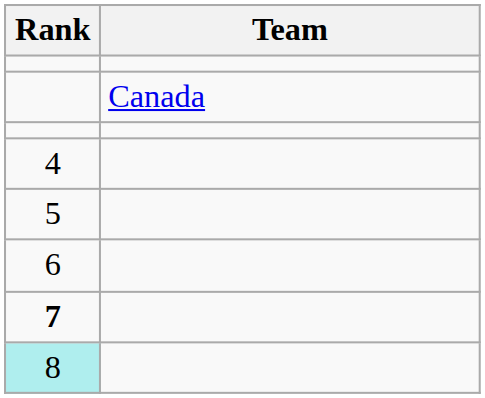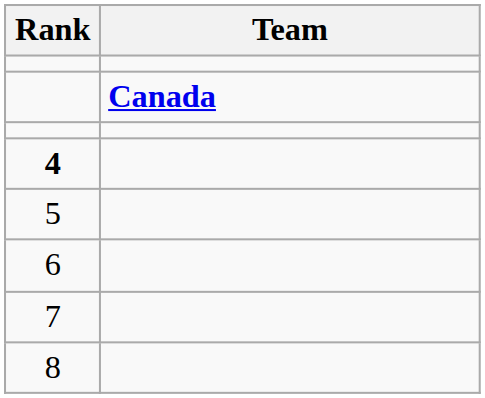 <table class="wikitable" style="text-align: center;">
 <tr>
 <th width=40>Rank</th>
 <th width=180>Team</th>
 </tr>
 <tr align=center>
 <td></td>
 <td style="text-align:left;"></td>
 </tr>
 <tr align=center>
 <td></td>
-<td style="text-align:left;"> <a href='#'>Canada</a></td>
+<td style="text-align:left;"><strong> <a href='#'>Canada</a></strong></td>
 </tr>
 <tr align=center>
 <td></td>
 <td style="text-align:left;"></td>
 </tr>
 <tr align=center>
-<td>4</td>
+<td><strong>4</strong></td>
 <td style="text-align:left;"></td>
 </tr>
 <tr align=center>
 <td>5</td>
 <td style="text-align:left;"></td>
 </tr>
 <tr align=center>
 <td>6</td>
 <td style="text-align:left;"></td>
 </tr>
 <tr align=center>
-<td><strong>7</strong></td>
+<td>7</td>
 <td style="text-align:left;"></td>
 </tr>
 <tr align=center>
-<td style="background: paleturquoise;">8</td>
+<td>8</td>
 <td style="text-align:left;"></td>
 </tr>
 </table>
